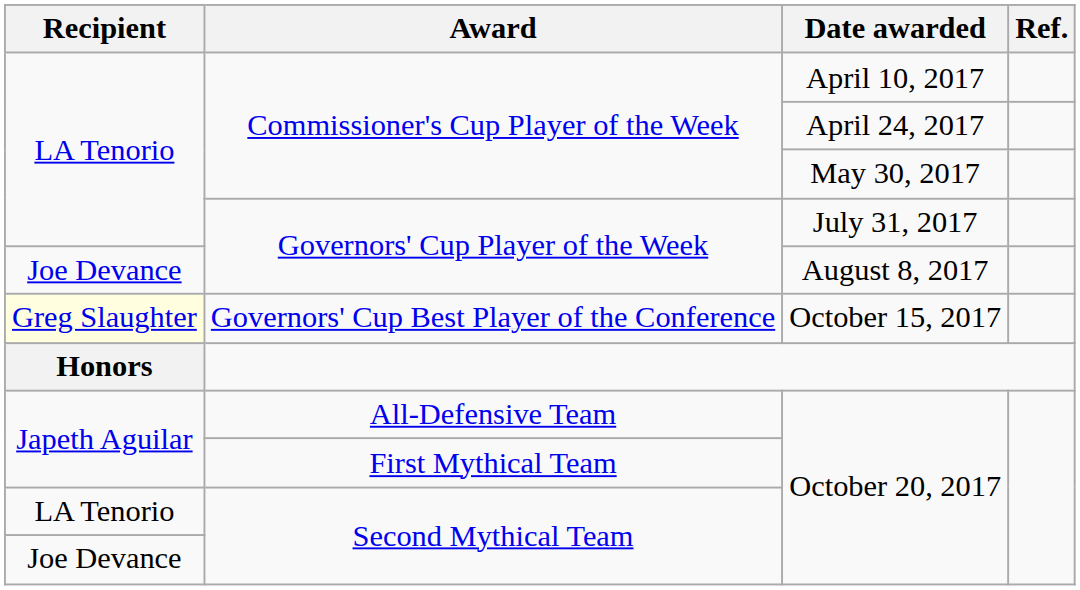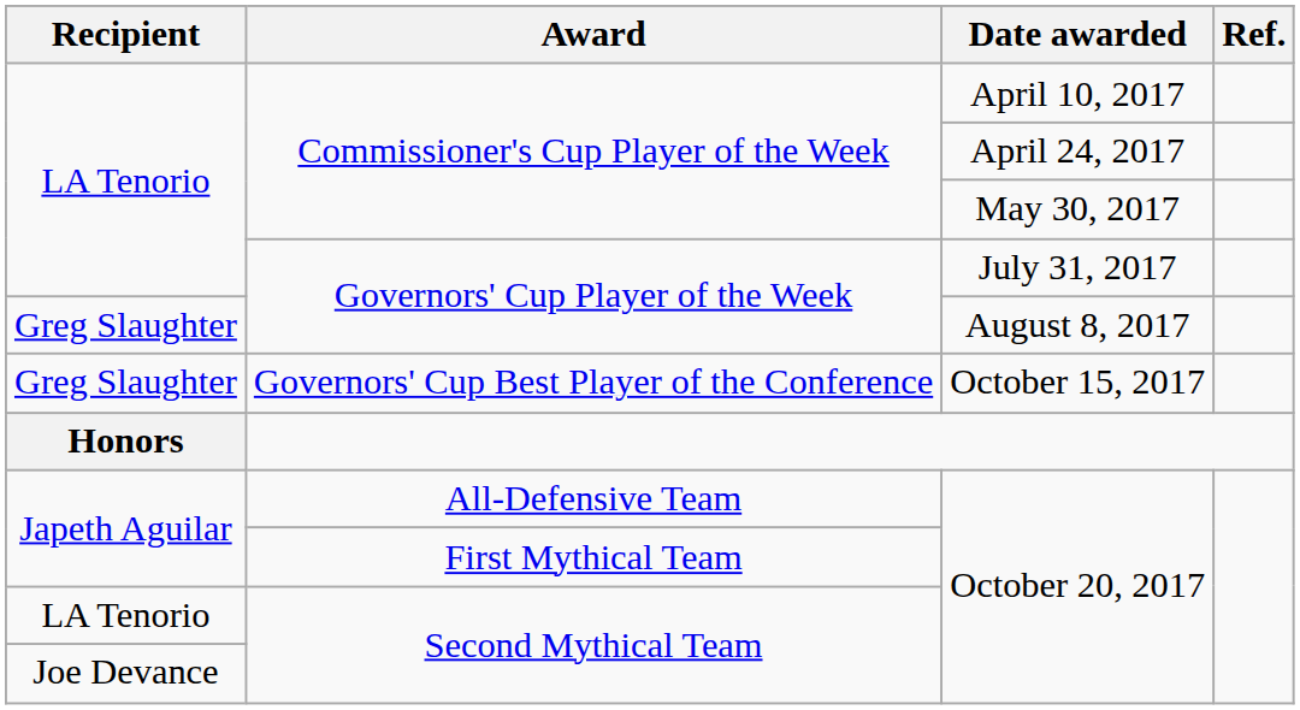 <table class="wikitable sortable sortable" style="text-align: center">
 <tr>
 <th>Recipient</th>
 <th>Award</th>
 <th>Date awarded</th>
 <th>Ref.</th>
 </tr>
 <tr>
 <td rowspan=4><a href='#'>LA Tenorio</a></td>
 <td rowspan=3><a href='#'>Commissioner's Cup Player of the Week</a></td>
 <td>April 10, 2017</td>
 <td></td>
 </tr>
 <tr>
 <td>April 24, 2017</td>
 <td></td>
 </tr>
 <tr>
 <td>May 30, 2017</td>
 <td></td>
 </tr>
 <tr>
 <td rowspan=2><a href='#'>Governors' Cup Player of the Week</a></td>
 <td>July 31, 2017</td>
 <td></td>
 </tr>
 <tr>
-<td><a href='#'>Joe Devance</a></td>
+<td><a href='#'>Greg Slaughter</a></td>
 <td>August 8, 2017</td>
 <td></td>
 </tr>
 <tr>
-<td style="background: lightyellow;"><a href='#'>Greg Slaughter</a></td>
+<td><a href='#'>Greg Slaughter</a></td>
 <td><a href='#'>Governors' Cup Best Player of the Conference</a></td>
 <td>October 15, 2017</td>
 <td></td>
 </tr>
 <tr>
 <th>Honors</th>
 </tr>
 <tr>
 <td rowspan=2><a href='#'>Japeth Aguilar</a></td>
 <td><a href='#'>All-Defensive Team</a></td>
 <td rowspan=4>October 20, 2017</td>
 <td align=center rowspan=4></td>
 </tr>
 <tr>
 <td><a href='#'>First Mythical Team</a></td>
 </tr>
 <tr>
 <td>LA Tenorio</td>
 <td rowspan=2><a href='#'>Second Mythical Team</a></td>
 </tr>
 <tr>
 <td>Joe Devance</td>
 </tr>
 </table>
